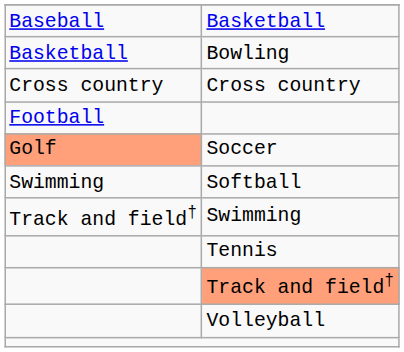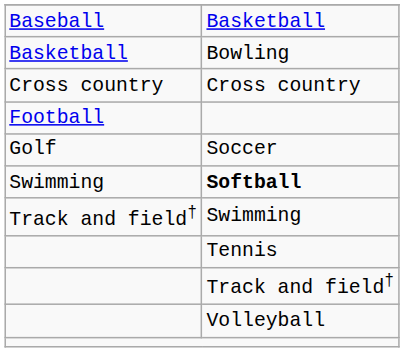 <table class="wikitable" style="float:right; clear:right; margin:0 0 1em 1em;">
 <tr>
 </tr>
 <tr>
 <td><a href='#'>Baseball</a></td>
 <td><a href='#'>Basketball</a></td>
 </tr>
 <tr>
 <td><a href='#'>Basketball</a></td>
 <td>Bowling</td>
 </tr>
 <tr>
 <td>Cross country</td>
 <td>Cross country</td>
 </tr>
 <tr>
 <td><a href='#'>Football</a></td>
 <td></td>
 </tr>
 <tr>
-<td style="background: lightsalmon;">Golf</td>
+<td>Golf</td>
 <td>Soccer</td>
 </tr>
 <tr>
 <td>Swimming</td>
-<td>Softball</td>
+<td><strong>Softball</strong></td>
 </tr>
 <tr>
 <td>Track and field<sup>†</sup></td>
 <td>Swimming</td>
 </tr>
 <tr>
 <td></td>
 <td>Tennis</td>
 </tr>
 <tr>
 <td></td>
-<td style="background: lightsalmon;">Track and field<sup>†</sup></td>
+<td>Track and field<sup>†</sup></td>
 </tr>
 <tr>
 <td></td>
 <td>Volleyball</td>
 </tr>
 <tr>
 <td colspan="2"></td>
 </tr>
 </table>
